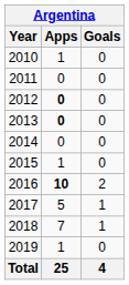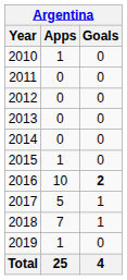 <table class="wikitable" style="text-align:center">
 <tr>
 <th colspan="3"><a href='#'>Argentina</a></th>
 </tr>
 <tr>
 <th>Year</th>
 <th>Apps</th>
 <th>Goals</th>
 </tr>
 <tr>
 <td>2010</td>
 <td>1</td>
 <td>0</td>
 </tr>
 <tr>
 <td>2011</td>
 <td>0</td>
 <td>0</td>
 </tr>
 <tr>
 <td>2012</td>
-<td><strong>0</strong></td>
+<td>0</td>
 <td>0</td>
 </tr>
 <tr>
 <td>2013</td>
-<td><strong>0</strong></td>
+<td>0</td>
 <td>0</td>
 </tr>
 <tr>
 <td>2014</td>
 <td>0</td>
 <td>0</td>
 </tr>
 <tr>
 <td>2015</td>
 <td>1</td>
 <td>0</td>
 </tr>
 <tr>
 <td>2016</td>
-<td><strong>10</strong></td>
-<td>2</td>
+<td>10</td>
+<td><strong>2</strong></td>
 </tr>
 <tr>
 <td>2017</td>
 <td>5</td>
 <td>1</td>
 </tr>
 <tr>
 <td>2018</td>
 <td>7</td>
 <td>1</td>
 </tr>
 <tr>
 <td>2019</td>
 <td>1</td>
 <td>0</td>
 </tr>
 <tr>
 <th>Total</th>
 <th>25</th>
 <th>4</th>
 </tr>
 </table>
